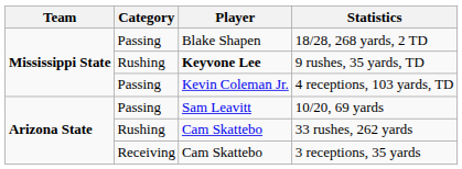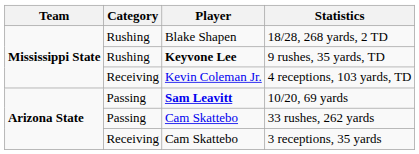 <table class="wikitable" style="float: right;">
 <tr>
 <th>Team</th>
 <th>Category</th>
 <th>Player</th>
 <th>Statistics</th>
 </tr>
 <tr>
 <td rowspan=3><strong>Mississippi State</strong></td>
-<td>Passing</td>
+<td>Rushing</td>
 <td>Blake Shapen</td>
 <td>18/28, 268 yards, 2 TD</td>
 </tr>
 <tr>
 <td>Rushing</td>
 <td><strong>Keyvone Lee</strong></td>
 <td>9 rushes, 35 yards, TD</td>
 </tr>
 <tr>
-<td>Passing</td>
+<td>Receiving</td>
 <td><a href='#'>Kevin Coleman Jr.</a></td>
 <td>4 receptions, 103 yards, TD</td>
 </tr>
 <tr>
 <td rowspan=3><strong>Arizona State</strong></td>
 <td>Passing</td>
-<td><a href='#'>Sam Leavitt</a></td>
+<td><strong><a href='#'>Sam Leavitt</a></strong></td>
 <td>10/20, 69 yards</td>
 </tr>
 <tr>
-<td>Rushing</td>
+<td>Passing</td>
 <td><a href='#'>Cam Skattebo</a></td>
 <td>33 rushes, 262 yards</td>
 </tr>
 <tr>
 <td>Receiving</td>
 <td>Cam Skattebo</td>
 <td>3 receptions, 35 yards</td>
 </tr>
 </table>
